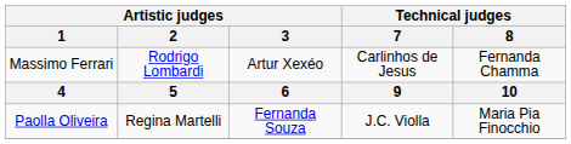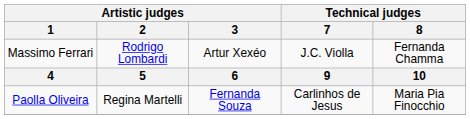 <table class="wikitable" style="font-size:100%; line-height:16px; text-align:center" width="100%">
 <tr>
 <th colspan=3>Artistic judges</th>
 <th colspan=2>Technical judges</th>
 </tr>
 <tr>
 <th width="20%">1</th>
 <th width="20%">2</th>
 <th width="20%">3</th>
 <th width="20%">7</th>
 <th width="20%">8</th>
 </tr>
 <tr>
 <td>Massimo Ferrari</td>
 <td><a href='#'>Rodrigo Lombardi</a></td>
 <td>Artur Xexéo</td>
-<td>Carlinhos de Jesus</td>
+<td>J.C. Violla</td>
 <td>Fernanda Chamma</td>
 </tr>
 <tr>
 <th>4</th>
 <th>5</th>
 <th>6</th>
 <th>9</th>
 <th>10</th>
 </tr>
 <tr>
 <td><a href='#'>Paolla Oliveira</a></td>
 <td>Regina Martelli</td>
 <td><a href='#'>Fernanda Souza</a></td>
-<td>J.C. Violla</td>
+<td>Carlinhos de Jesus</td>
 <td>Maria Pia Finocchio</td>
 </tr>
 <tr>
 </tr>
 </table>
